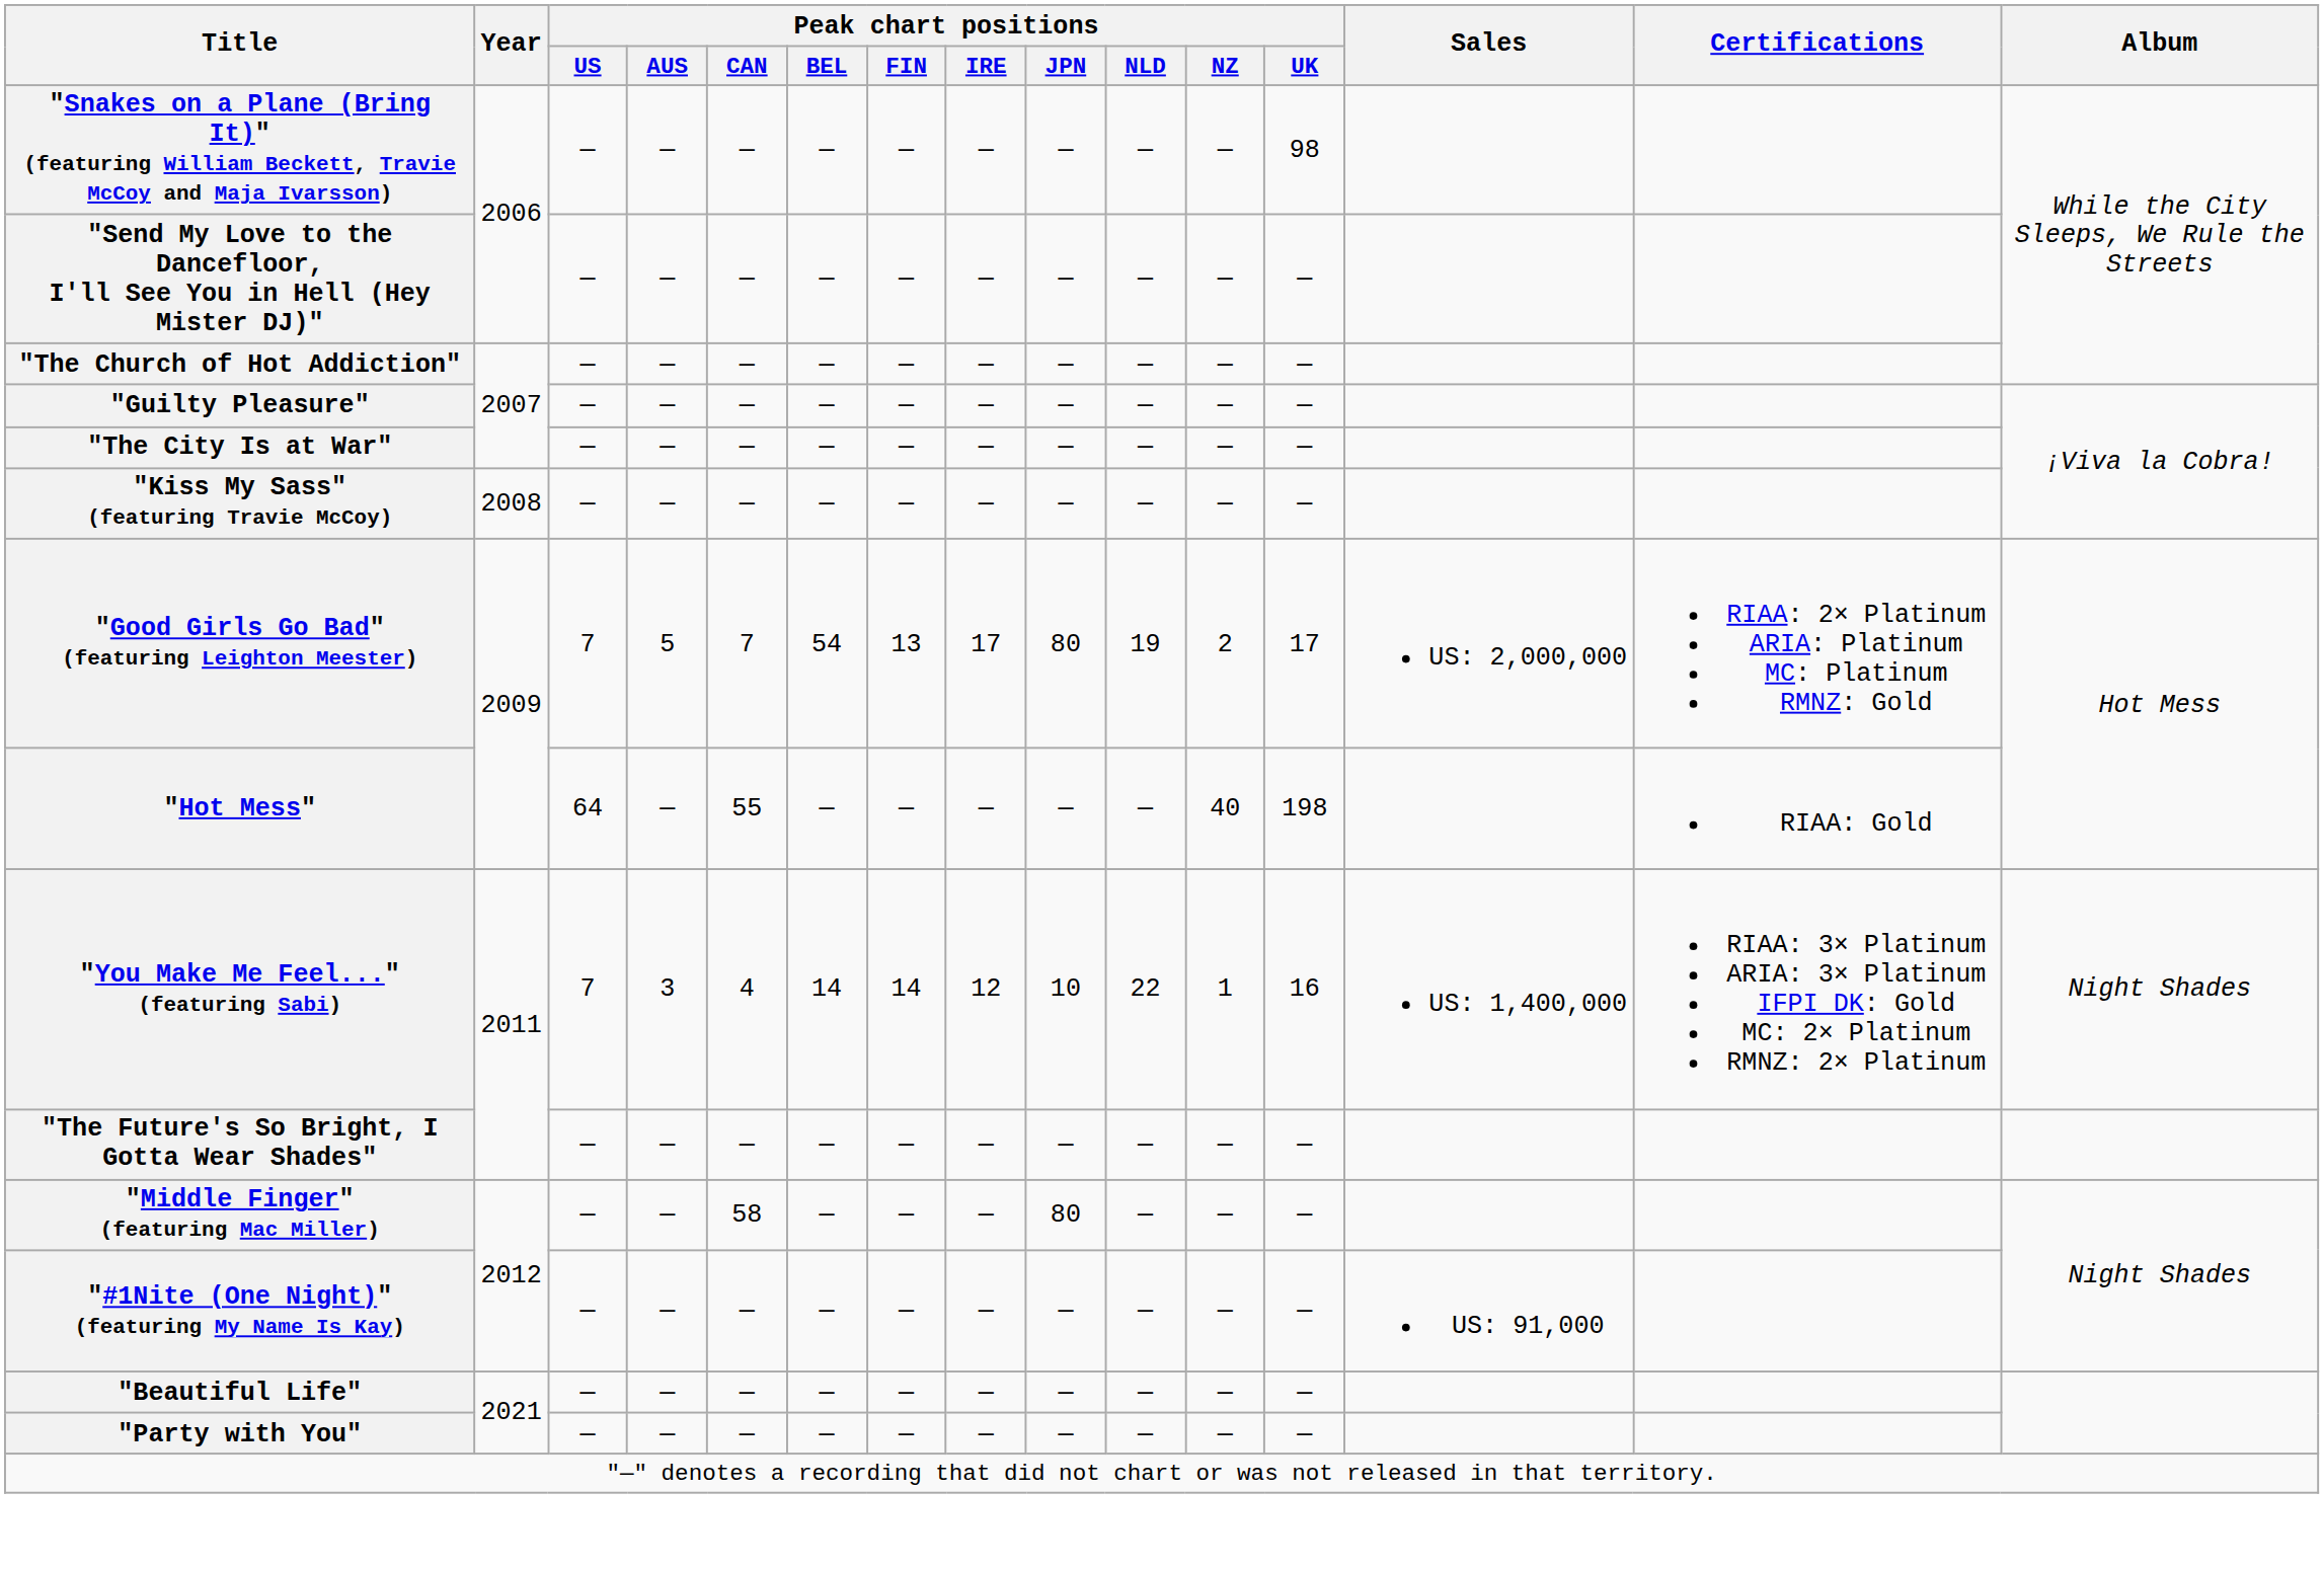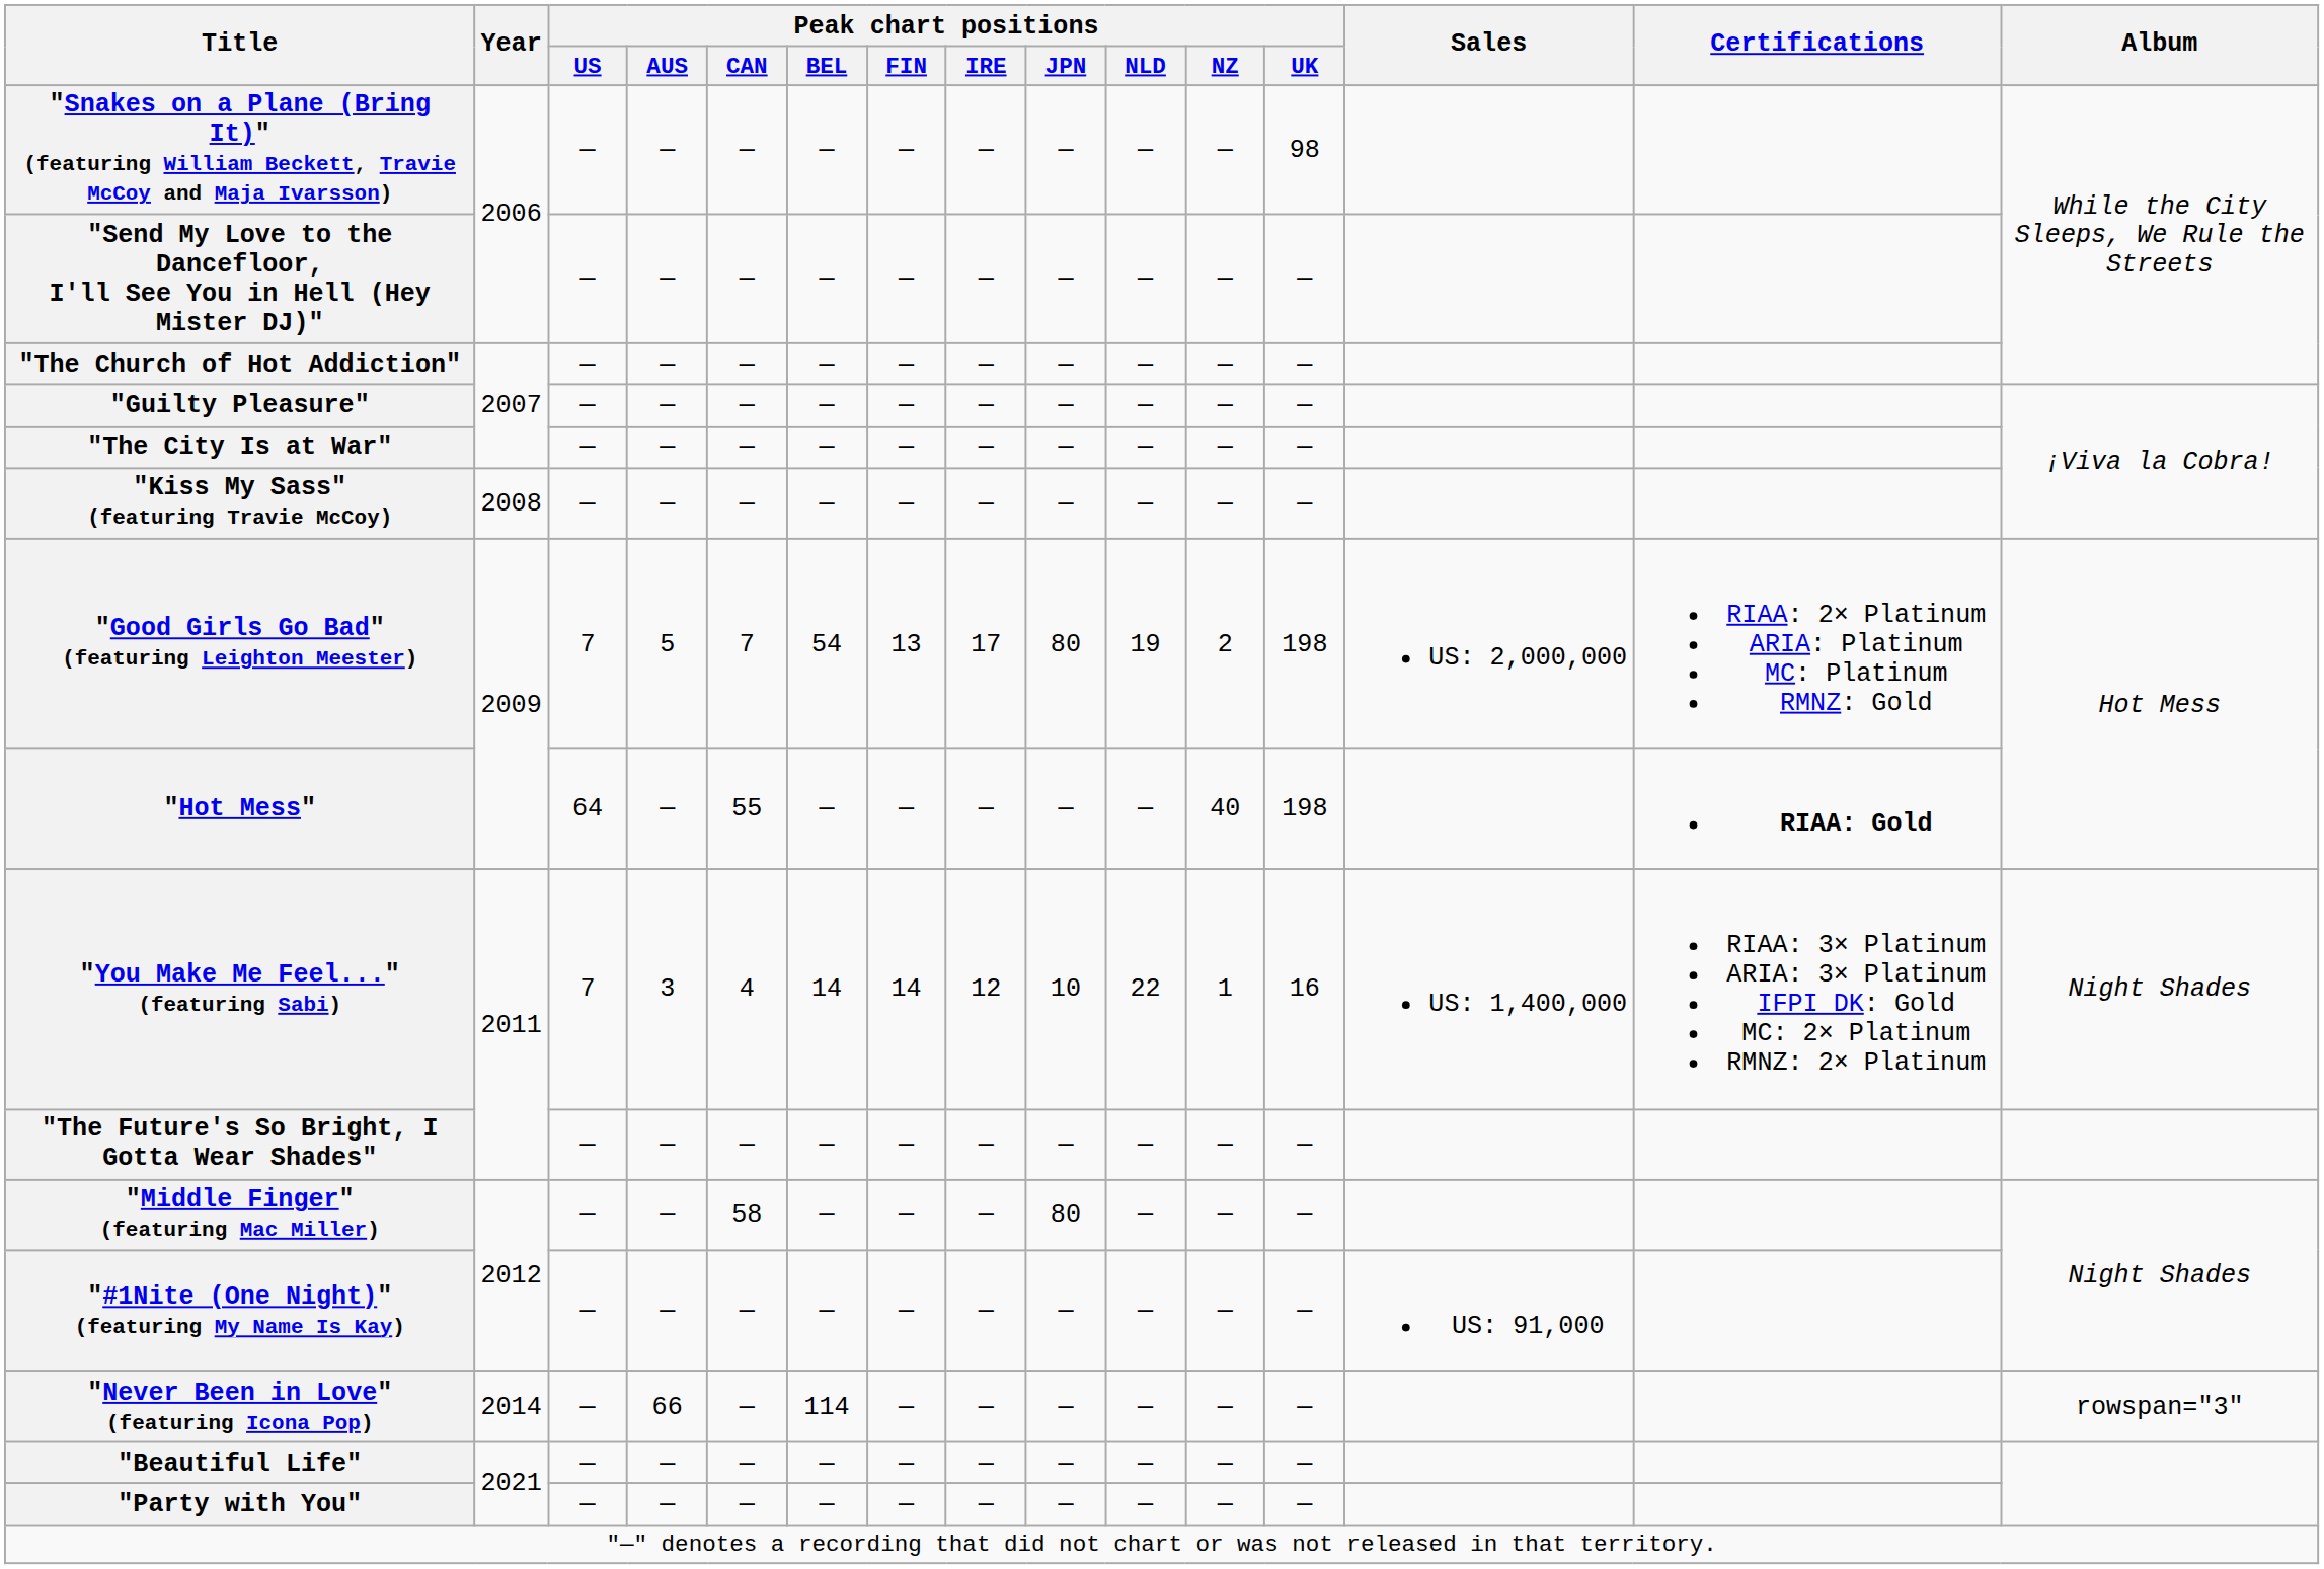 <table class="wikitable plainrowheaders" style="text-align:center;" border="1">
 <tr>
 <th scope="col" rowspan="2" style="width:18em;">Title</th>
 <th scope="col" rowspan="2">Year</th>
 <th scope="col" colspan="10">Peak chart positions</th>
 <th scope="col" rowspan="2">Sales</th>
 <th scope="col" rowspan="2" style="width:14em;"><a href='#'>Certifications</a></th>
 <th scope="col" rowspan="2" style="width:12em;">Album</th>
 </tr>
 <tr>
 <th scope="col" style="width:3em;font-size:90%;"><a href='#'>US</a><br></th>
 <th scope="col" style="width:3em;font-size:90%;"><a href='#'>AUS</a><br></th>
 <th scope="col" style="width:3em;font-size:90%;"><a href='#'>CAN</a><br></th>
 <th scope="col" style="width:3em;font-size:90%;"><a href='#'>BEL</a><br></th>
 <th scope="col" style="width:3em;font-size:90%;"><a href='#'>FIN</a><br></th>
 <th scope="col" style="width:3em;font-size:90%;"><a href='#'>IRE</a><br></th>
 <th scope="col" style="width:3em;font-size:90%;"><a href='#'>JPN</a><br></th>
 <th scope="col" style="width:3em;font-size:90%;"><a href='#'>NLD</a><br></th>
 <th scope="col" style="width:3em;font-size:90%;"><a href='#'>NZ</a><br></th>
 <th scope="col" style="width:3em;font-size:90%;"><a href='#'>UK</a><br></th>
 </tr>
 <tr>
 <th scope="row">"<a href='#'>Snakes on a Plane (Bring It)</a>" <br><small>(featuring <a href='#'>William Beckett</a>, <a href='#'>Travie McCoy</a> and <a href='#'>Maja Ivarsson</a>)</small></th>
 <td rowspan="2">2006</td>
 <td>—</td>
 <td>—</td>
 <td>—</td>
 <td>—</td>
 <td>—</td>
 <td>—</td>
 <td>—</td>
 <td>—</td>
 <td>—</td>
 <td>98</td>
 <td></td>
 <td></td>
 <td rowspan="3"><em>While the City Sleeps, We Rule the Streets</em></td>
 </tr>
 <tr>
 <th scope="row">"Send My Love to the Dancefloor, <br> I'll See You in Hell (Hey Mister DJ)" </th>
 <td>—</td>
 <td>—</td>
 <td>—</td>
 <td>—</td>
 <td>—</td>
 <td>—</td>
 <td>—</td>
 <td>—</td>
 <td>—</td>
 <td>—</td>
 <td></td>
 <td></td>
 </tr>
 <tr>
 <th scope="row">"The Church of Hot Addiction"</th>
 <td rowspan="3">2007</td>
 <td>—</td>
 <td>—</td>
 <td>—</td>
 <td>—</td>
 <td>—</td>
 <td>—</td>
 <td>—</td>
 <td>—</td>
 <td>—</td>
 <td>—</td>
 <td></td>
 <td></td>
 </tr>
 <tr>
 <th scope="row">"Guilty Pleasure"</th>
 <td>—</td>
 <td>—</td>
 <td>—</td>
 <td>—</td>
 <td>—</td>
 <td>—</td>
 <td>—</td>
 <td>—</td>
 <td>—</td>
 <td>—</td>
 <td></td>
 <td></td>
 <td rowspan="3"><em>¡Viva la Cobra!</em></td>
 </tr>
 <tr>
 <th scope="row">"The City Is at War"</th>
 <td>—</td>
 <td>—</td>
 <td>—</td>
 <td>—</td>
 <td>—</td>
 <td>—</td>
 <td>—</td>
 <td>—</td>
 <td>—</td>
 <td>—</td>
 <td></td>
 <td></td>
 </tr>
 <tr>
 <th scope="row">"Kiss My Sass" <br><small>(featuring Travie McCoy)</small></th>
 <td>2008</td>
 <td>—</td>
 <td>—</td>
 <td>—</td>
 <td>—</td>
 <td>—</td>
 <td>—</td>
 <td>—</td>
 <td>—</td>
 <td>—</td>
 <td>—</td>
 <td></td>
 <td></td>
 </tr>
 <tr>
 <th scope="row">"<a href='#'>Good Girls Go Bad</a>" <br><small>(featuring <a href='#'>Leighton Meester</a>)</small></th>
 <td rowspan="2">2009</td>
 <td>7</td>
 <td>5</td>
 <td>7</td>
 <td>54</td>
 <td>13</td>
 <td>17</td>
 <td>80</td>
 <td>19</td>
 <td>2</td>
-<td>17</td>
+<td>198</td>
 <td><br><ul><li>US: 2,000,000</li></ul></td>
 <td><br><ul><li><a href='#'>RIAA</a>: 2× Platinum</li><li><a href='#'>ARIA</a>: Platinum</li><li><a href='#'>MC</a>: Platinum</li><li><a href='#'>RMNZ</a>: Gold</li></ul></td>
 <td rowspan="2"><em>Hot Mess</em></td>
 </tr>
 <tr>
 <th scope="row">"<a href='#'>Hot Mess</a>"</th>
 <td>64</td>
 <td>—</td>
 <td>55</td>
 <td>—</td>
 <td>—</td>
 <td>—</td>
 <td>—</td>
 <td>—</td>
 <td>40</td>
 <td>198</td>
 <td></td>
-<td><br><ul><li>RIAA: Gold</li></ul></td>
+<td><strong><br><ul><li>RIAA: Gold</li></ul></strong></td>
 </tr>
 <tr>
 <th scope="row">"<a href='#'>You Make Me Feel...</a>" <br><small>(featuring <a href='#'>Sabi</a>)</small></th>
 <td rowspan="2">2011</td>
 <td>7</td>
 <td>3</td>
 <td>4</td>
 <td>14</td>
 <td>14</td>
 <td>12</td>
 <td>10</td>
 <td>22</td>
 <td>1</td>
 <td>16</td>
 <td><br><ul><li>US: 1,400,000</li></ul></td>
 <td><br><ul><li>RIAA: 3× Platinum</li><li>ARIA: 3× Platinum</li><li><a href='#'>IFPI DK</a>: Gold</li><li>MC: 2× Platinum</li><li>RMNZ: 2× Platinum</li></ul></td>
 <td><em>Night Shades</em></td>
 </tr>
 <tr>
 <th scope="row">"The Future's So Bright, I Gotta Wear Shades"</th>
 <td>—</td>
 <td>—</td>
 <td>—</td>
 <td>—</td>
 <td>—</td>
 <td>—</td>
 <td>—</td>
 <td>—</td>
 <td>—</td>
 <td>—</td>
 <td></td>
 <td></td>
 <td></td>
 </tr>
 <tr>
 <th scope="row">"<a href='#'>Middle Finger</a>" <br><small>(featuring <a href='#'>Mac Miller</a>)</small></th>
 <td rowspan="2">2012</td>
 <td>—</td>
 <td>—</td>
 <td>58</td>
 <td>—</td>
 <td>—</td>
 <td>—</td>
 <td>80</td>
 <td>—</td>
 <td>—</td>
 <td>—</td>
 <td></td>
 <td></td>
 <td rowspan="2"><em>Night Shades</em></td>
 </tr>
 <tr>
 <th scope="row">"<a href='#'>#1Nite (One Night)</a>" <br><small>(featuring <a href='#'>My Name Is Kay</a>)</small></th>
 <td>—</td>
 <td>—</td>
 <td>—</td>
 <td>—</td>
 <td>—</td>
 <td>—</td>
 <td>—</td>
 <td>—</td>
 <td>—</td>
 <td>—</td>
 <td><br><ul><li>US: 91,000</li></ul></td>
 <td></td>
 </tr>
 <tr>
+<th scope="row">"<a href='#'>Never Been in Love</a>" <br><small>(featuring <a href='#'>Icona Pop</a>)</small></th>
+<td>2014</td>
+<td>—</td>
+<td>66</td>
+<td>—</td>
+<td>114</td>
+<td>—</td>
+<td>—</td>
+<td>—</td>
+<td>—</td>
+<td>—</td>
+<td>—</td>
+<td></td>
+<td></td>
+<td>rowspan="3" </td>
+</tr>
+<tr>
 <th scope="row">"Beautiful Life"</th>
 <td rowspan="2">2021</td>
 <td>—</td>
 <td>—</td>
 <td>—</td>
 <td>—</td>
 <td>—</td>
 <td>—</td>
 <td>—</td>
 <td>—</td>
 <td>—</td>
 <td>—</td>
 <td></td>
 <td></td>
 </tr>
 <tr>
 <th scope="row">"Party with You"</th>
 <td>—</td>
 <td>—</td>
 <td>—</td>
 <td>—</td>
 <td>—</td>
 <td>—</td>
 <td>—</td>
 <td>—</td>
 <td>—</td>
 <td>—</td>
 <td></td>
 <td></td>
 </tr>
 <tr>
 <td colspan="15" style="font-size:90%">"—" denotes a recording that did not chart or was not released in that territory.</td>
 </tr>
 </table>
